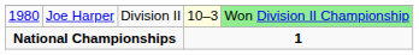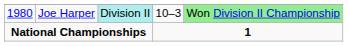 <table class="wikitable" style="text-align:center;">
 <tr>
 </tr>
 <tr style="text-align:center;">
 <td><a href='#'>1980</a></td>
 <td><a href='#'>Joe Harper</a></td>
-<td>Division II</td>
-<td style="background: lightyellow;">10–3</td>
+<td style="background: paleturquoise;">Division II</td>
+<td>10–3</td>
 <td style="background: lightgreen;">Won <a href='#'>Division II Championship</a></td>
 </tr>
 <tr align="center">
 <td colspan=3><strong>National Championships</strong></td>
 <td colspan=3><strong>1</strong></td>
 </tr>
 </table>
